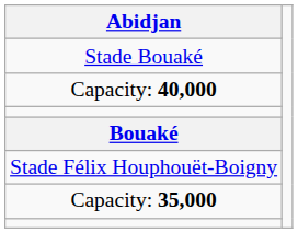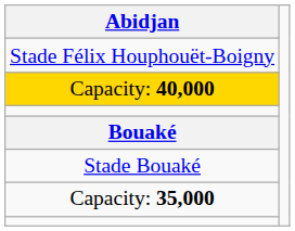 <table class="wikitable" style="text-align:center">
 <tr>
 <th><a href='#'>Abidjan</a></th>
 <td rowspan="8"></td>
 </tr>
 <tr>
-<td><a href='#'>Stade Bouaké</a></td>
+<td><a href='#'>Stade Félix Houphouët-Boigny</a></td>
 </tr>
 <tr>
-<td>Capacity: <strong>40,000</strong></td>
+<td style="background: gold;">Capacity: <strong>40,000</strong></td>
 </tr>
 <tr>
 <td></td>
 </tr>
 <tr>
 <th><a href='#'>Bouaké</a></th>
 </tr>
 <tr>
-<td><a href='#'>Stade Félix Houphouët-Boigny</a></td>
+<td><a href='#'>Stade Bouaké</a></td>
 </tr>
 <tr>
 <td>Capacity: <strong>35,000</strong></td>
 </tr>
 <tr>
 <td></td>
 </tr>
 </table>
